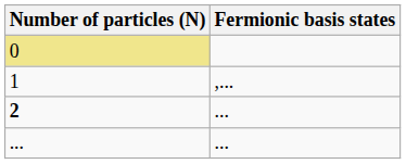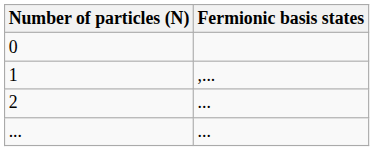 <table class="wikitable">
 <tr>
 <th>Number of particles (N)</th>
 <th>Fermionic basis states</th>
 </tr>
 <tr>
-<td style="background: khaki;">0</td>
+<td>0</td>
 <td></td>
 </tr>
 <tr>
 <td>1</td>
 <td>,...</td>
 </tr>
 <tr>
-<td><strong>2</strong></td>
+<td>2</td>
 <td>...</td>
 </tr>
 <tr>
 <td>...</td>
 <td>...</td>
 </tr>
 </table>
